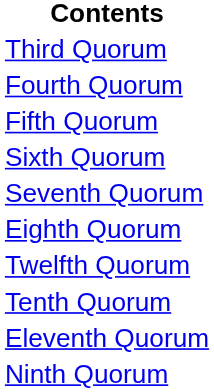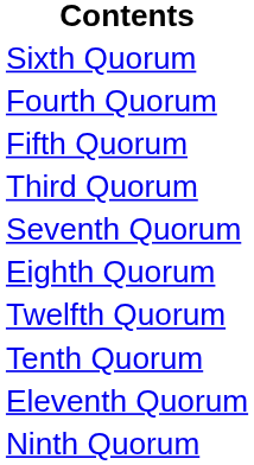 <table class="toccolours">
 <tr>
 <td style="text-align:center"><strong>Contents</strong></td>
 </tr>
 <tr>
-<td><a href='#'>Third Quorum</a></td>
+<td><a href='#'>Sixth Quorum</a></td>
 </tr>
 <tr>
 <td><a href='#'>Fourth Quorum</a></td>
 </tr>
 <tr>
 <td><a href='#'>Fifth Quorum</a></td>
 </tr>
 <tr>
-<td><a href='#'>Sixth Quorum</a></td>
+<td><a href='#'>Third Quorum</a></td>
 </tr>
 <tr>
 <td><a href='#'>Seventh Quorum</a></td>
 </tr>
 <tr>
 <td><a href='#'>Eighth Quorum</a></td>
 </tr>
 <tr>
 <td><a href='#'>Twelfth Quorum</a></td>
 </tr>
 <tr>
 <td><a href='#'>Tenth Quorum</a></td>
 </tr>
 <tr>
 <td><a href='#'>Eleventh Quorum</a></td>
 </tr>
 <tr>
 <td><a href='#'>Ninth Quorum</a></td>
 </tr>
 </table>
